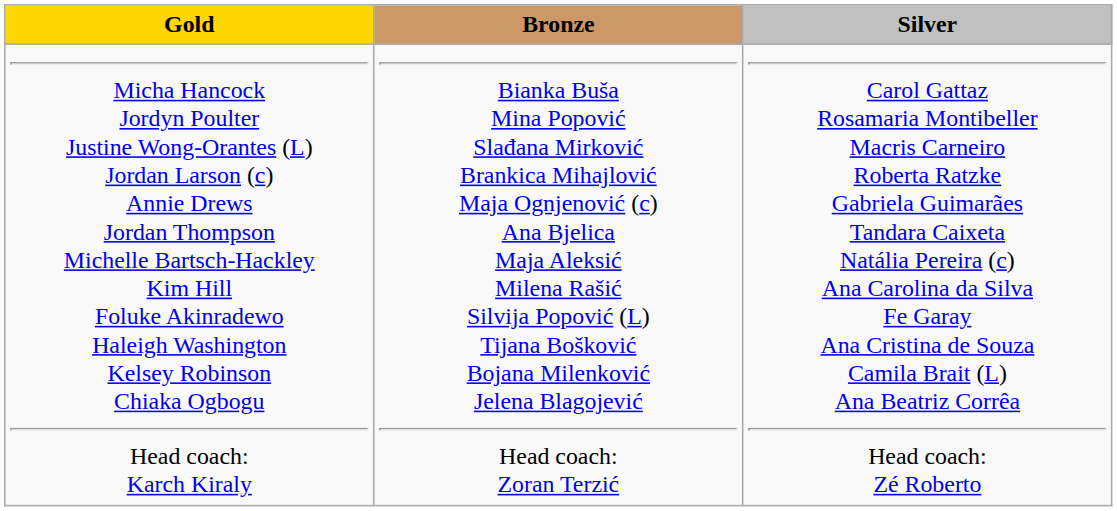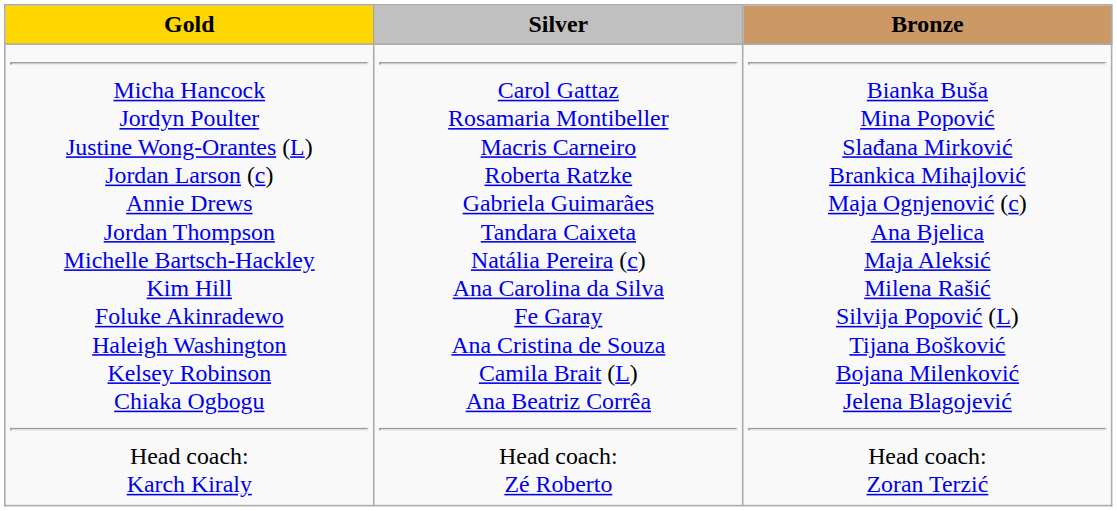 <table class="wikitable" style="text-align:center; font-size:95%">
 <tr>
 <td style="width:15em; background:gold"><strong>Gold</strong></td>
+<td style="width:15em; background:silver"><strong>Silver</strong></td>
 <td style="width:15em; background:#cc9966"><strong>Bronze</strong></td>
-<td style="width:15em; background:silver"><strong>Silver</strong></td>
 </tr>
 <tr>
 <td><hr><a href='#'>Micha Hancock</a><br><a href='#'>Jordyn Poulter</a><br><a href='#'>Justine Wong-Orantes</a> (<a href='#'>L</a>)<br><a href='#'>Jordan Larson</a> (<a href='#'>c</a>)<br><a href='#'>Annie Drews</a><br><a href='#'>Jordan Thompson</a><br><a href='#'>Michelle Bartsch-Hackley</a><br><a href='#'>Kim Hill</a><br><a href='#'>Foluke Akinradewo</a><br><a href='#'>Haleigh Washington</a><br><a href='#'>Kelsey Robinson</a><br><a href='#'>Chiaka Ogbogu</a><br><hr>Head coach:<br><a href='#'>Karch Kiraly</a></td>
+<td><hr><a href='#'>Carol Gattaz</a><br><a href='#'>Rosamaria Montibeller</a><br><a href='#'>Macris Carneiro</a><br><a href='#'>Roberta Ratzke</a><br><a href='#'>Gabriela Guimarães</a><br><a href='#'>Tandara Caixeta</a><br><a href='#'>Natália Pereira</a> (<a href='#'>c</a>)<br><a href='#'>Ana Carolina da Silva</a><br> <a href='#'>Fe Garay</a><br><a href='#'>Ana Cristina de Souza</a><br><a href='#'>Camila Brait</a> (<a href='#'>L</a>)<br><a href='#'>Ana Beatriz Corrêa</a><br><hr>Head coach:<br><a href='#'>Zé Roberto</a></td>
 <td><hr><a href='#'>Bianka Buša</a><br><a href='#'>Mina Popović</a><br><a href='#'>Slađana Mirković</a><br><a href='#'>Brankica Mihajlović</a><br><a href='#'>Maja Ognjenović</a> (<a href='#'>c</a>)<br><a href='#'>Ana Bjelica</a><br><a href='#'>Maja Aleksić</a><br><a href='#'>Milena Rašić</a><br><a href='#'>Silvija Popović</a> (<a href='#'>L</a>)<br><a href='#'>Tijana Bošković</a><br><a href='#'>Bojana Milenković</a><br><a href='#'>Jelena Blagojević</a><br><hr>Head coach:<br><a href='#'>Zoran Terzić</a></td>
-<td><hr><a href='#'>Carol Gattaz</a><br><a href='#'>Rosamaria Montibeller</a><br><a href='#'>Macris Carneiro</a><br><a href='#'>Roberta Ratzke</a><br><a href='#'>Gabriela Guimarães</a><br><a href='#'>Tandara Caixeta</a><br><a href='#'>Natália Pereira</a> (<a href='#'>c</a>)<br><a href='#'>Ana Carolina da Silva</a><br> <a href='#'>Fe Garay</a><br><a href='#'>Ana Cristina de Souza</a><br><a href='#'>Camila Brait</a> (<a href='#'>L</a>)<br><a href='#'>Ana Beatriz Corrêa</a><br><hr>Head coach:<br><a href='#'>Zé Roberto</a></td>
 </tr>
 </table>
